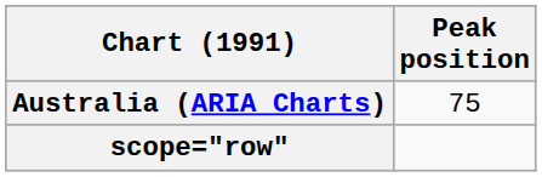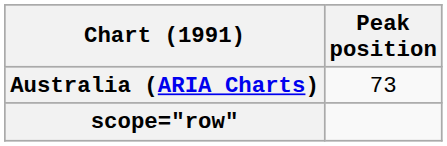 <table class="wikitable sortable plainrowheaders" style="text-align:center;">
 <tr>
 <th scope="col">Chart (1991)</th>
 <th scope="col">Peak<br>position</th>
 </tr>
 <tr>
 <th scope="row">Australia (<a href='#'>ARIA Charts</a>)</th>
-<td>75</td>
+<td>73</td>
 </tr>
 <tr>
 <th>scope="row"</th>
 </tr>
 </table>
